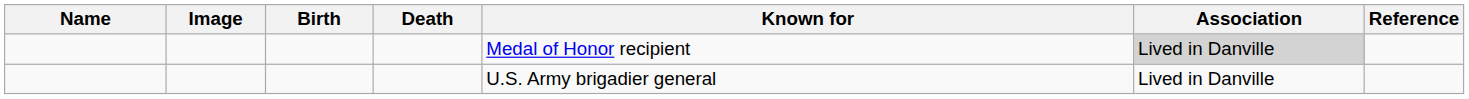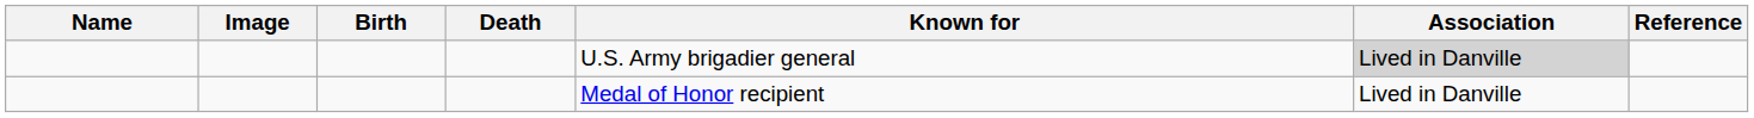 <table class="wikitable sortable">
 <tr>
 <th scope="col" width="140">Name</th>
 <th scope="col" width="80" class="unsortable">Image</th>
 <th scope="col" width="90">Birth</th>
 <th scope="col" width="90">Death</th>
 <th scope="col" width="600" class="unsortable">Known for</th>
 <th scope="col" width="200" class="unsortable">Association</th>
 <th scope="col" width="30" class="unsortable">Reference</th>
 </tr>
 <tr>
 <td></td>
 <td></td>
 <td align=right></td>
 <td align=right></td>
-<td><a href='#'>Medal of Honor</a> recipient</td>
+<td>U.S. Army brigadier general</td>
 <td style="background: lightgrey;">Lived in Danville</td>
 </tr>
 <tr>
 <td></td>
 <td></td>
 <td align=right></td>
 <td align=right></td>
-<td>U.S. Army brigadier general</td>
+<td><a href='#'>Medal of Honor</a> recipient</td>
 <td>Lived in Danville</td>
 <td align="center"></td>
 </tr>
 </table>
